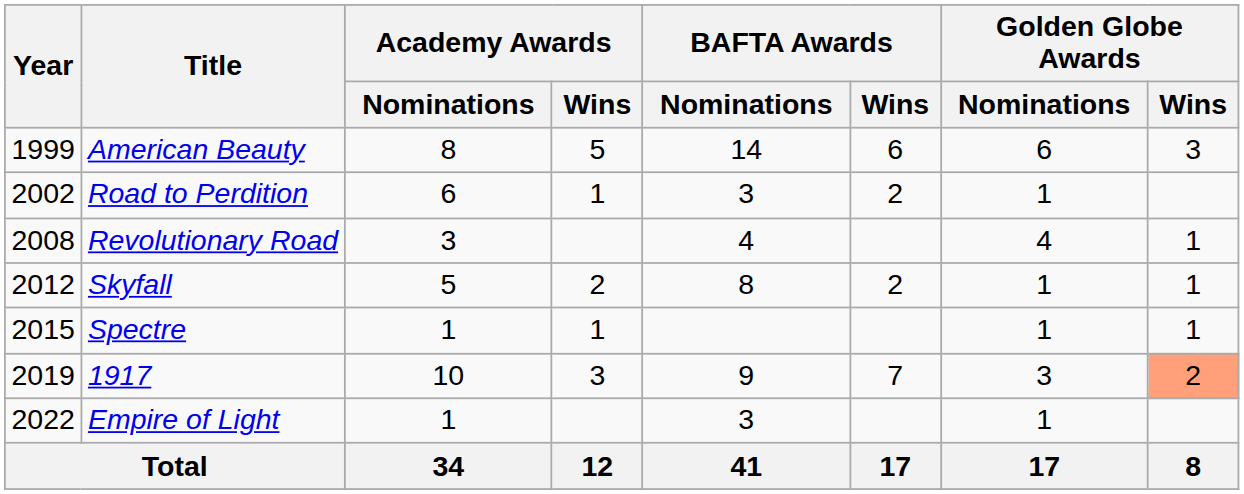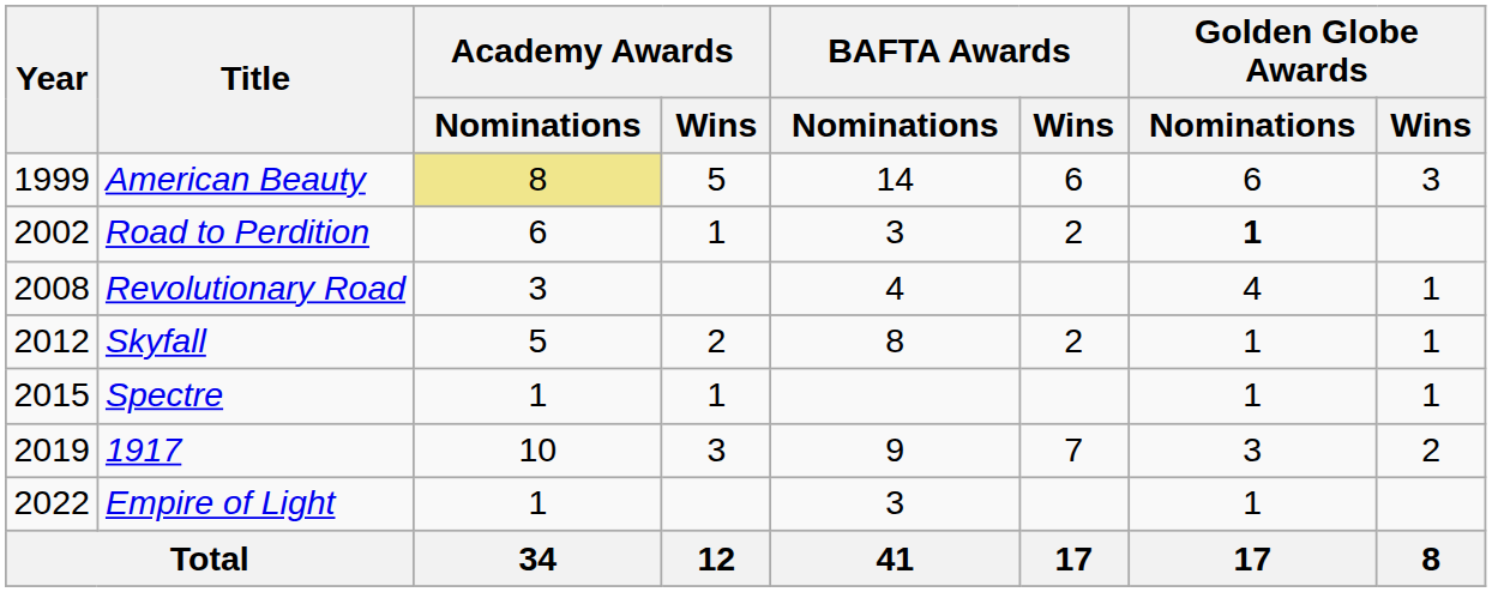 <table class="wikitable">
 <tr>
 <th rowspan="2">Year</th>
 <th rowspan="2">Title</th>
 <th colspan="2" style="text-align:center;" width=160>Academy Awards</th>
 <th colspan="2" style="text-align:center;" width=160>BAFTA Awards</th>
 <th colspan="2" style="text-align:center;" width=160>Golden Globe Awards</th>
 </tr>
 <tr>
 <th>Nominations</th>
 <th>Wins</th>
 <th>Nominations</th>
 <th>Wins</th>
 <th>Nominations</th>
 <th>Wins</th>
 </tr>
 <tr>
 <td>1999</td>
 <td><em><a href='#'>American Beauty</a></em></td>
-<td align=center>8</td>
+<td align=center style="background: khaki;">8</td>
 <td align=center>5</td>
 <td align=center>14</td>
 <td align=center>6</td>
 <td align=center>6</td>
 <td align=center>3</td>
 </tr>
 <tr>
 <td>2002</td>
 <td><em><a href='#'>Road to Perdition</a></em></td>
 <td align=center>6</td>
 <td align=center>1</td>
 <td align=center>3</td>
 <td align=center>2</td>
-<td align=center>1</td>
+<td align=center><strong>1</strong></td>
 <td></td>
 </tr>
 <tr>
 <td>2008</td>
 <td><em><a href='#'>Revolutionary Road</a></em></td>
 <td align=center>3</td>
 <td></td>
 <td align=center>4</td>
 <td></td>
 <td align=center>4</td>
 <td align=center>1</td>
 </tr>
 <tr>
 <td>2012</td>
 <td><em><a href='#'>Skyfall</a></em></td>
 <td align=center>5</td>
 <td align=center>2</td>
 <td align=center>8</td>
 <td align=center>2</td>
 <td align=center>1</td>
 <td align=center>1</td>
 </tr>
 <tr>
 <td>2015</td>
 <td><em><a href='#'>Spectre</a></em></td>
 <td align=center>1</td>
 <td align=center>1</td>
 <td></td>
 <td></td>
 <td align=center>1</td>
 <td align=center>1</td>
 </tr>
 <tr>
 <td>2019</td>
 <td><em><a href='#'>1917</a></em></td>
 <td align=center>10</td>
 <td align=center>3</td>
 <td align=center>9</td>
 <td align=center>7</td>
 <td align=center>3</td>
-<td align=center style="background: lightsalmon;">2</td>
+<td align=center>2</td>
 </tr>
 <tr>
 <td>2022</td>
 <td><em><a href='#'>Empire of Light</a></em></td>
 <td align=center>1</td>
 <td></td>
 <td align=center>3</td>
 <td></td>
 <td align=center>1</td>
 <td></td>
 </tr>
 <tr>
 <th colspan="2">Total</th>
 <th align=center>34</th>
 <th align=center>12</th>
 <th align=center>41</th>
 <th align=center>17</th>
 <th align=center>17</th>
 <th align=center>8</th>
 </tr>
 </table>
